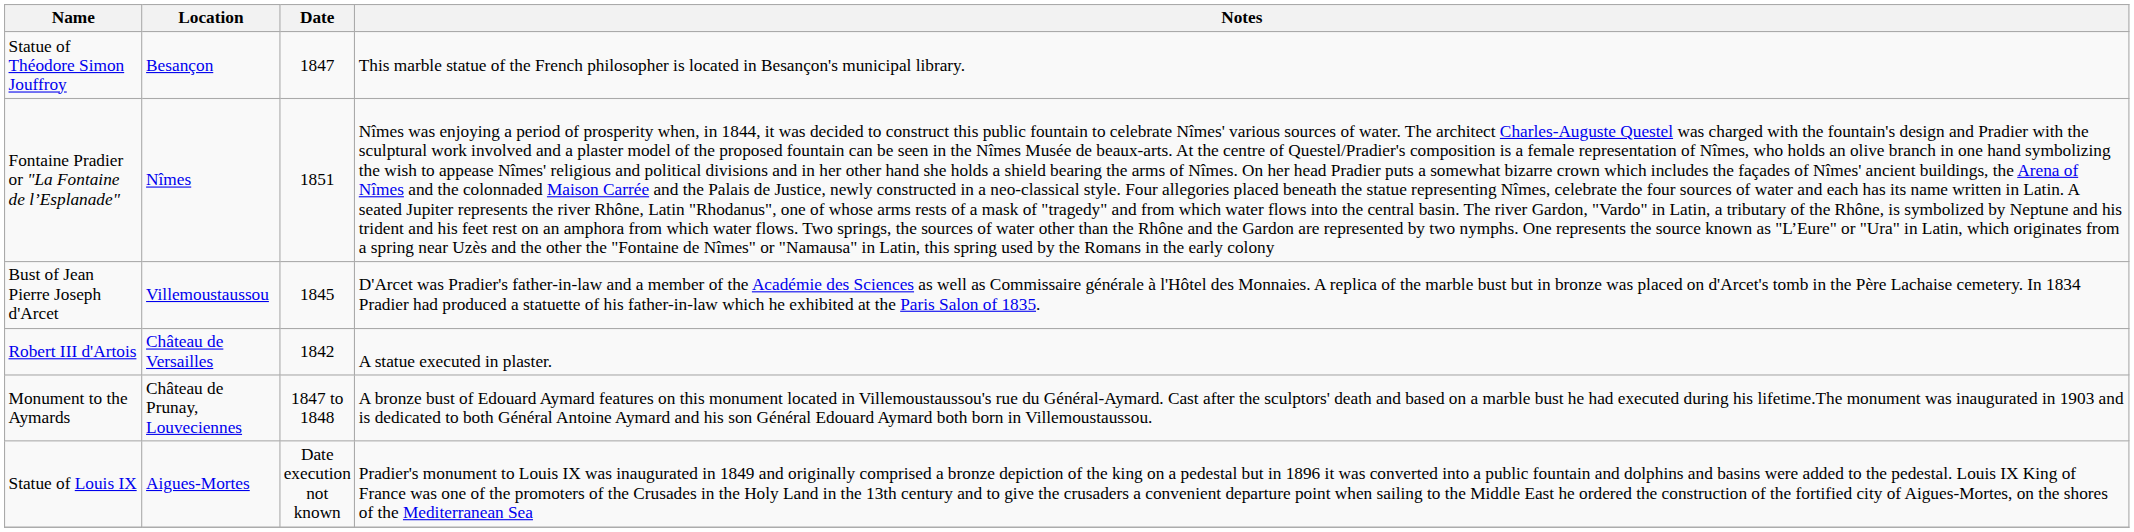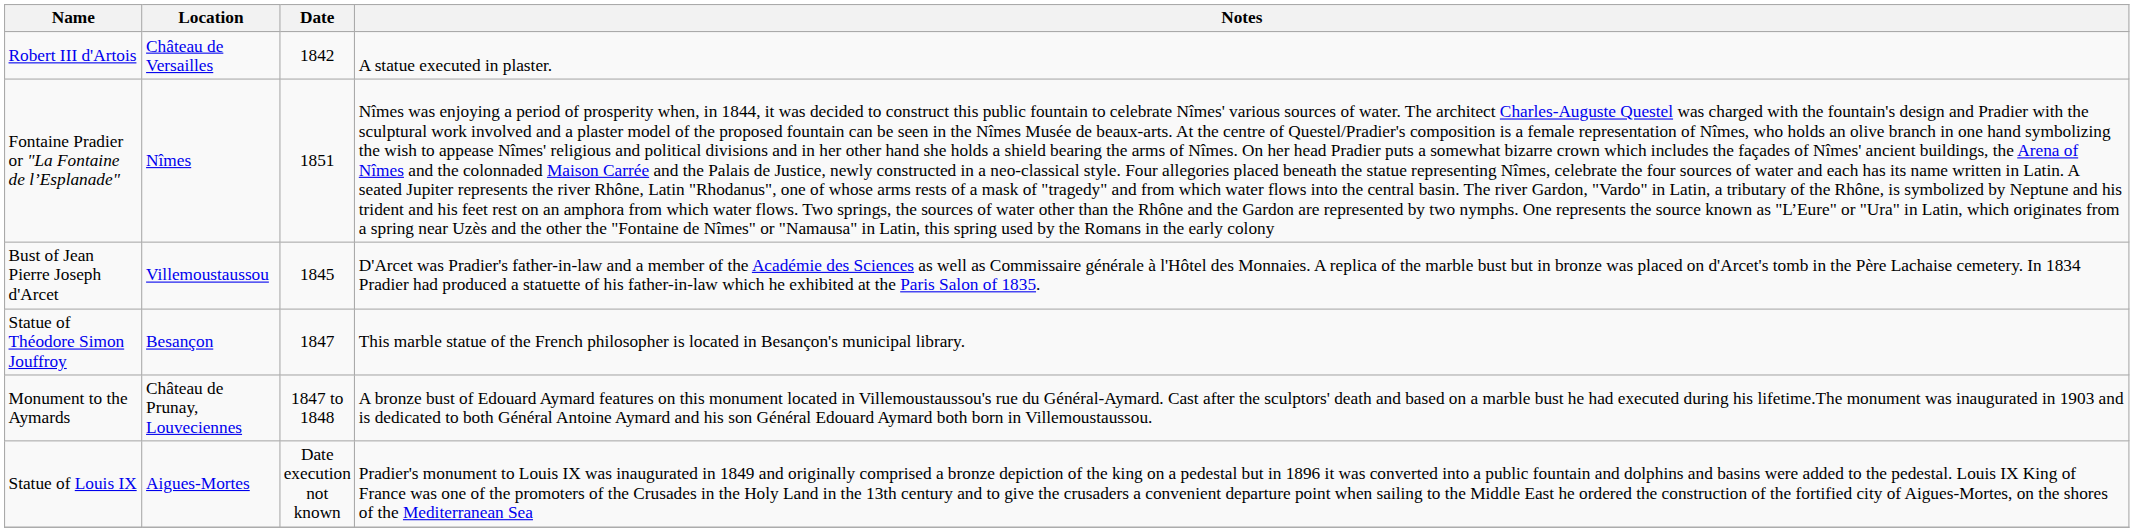 <table class="wikitable sortable plainrowheaders">
 <tr>
 <th style="width:120px">Name</th>
 <th style="width:120px">Location</th>
 <th style="width:50px">Date</th>
 <th class="unsortable">Notes</th>
 </tr>
 <tr>
-<td>Statue of <a href='#'>Théodore Simon Jouffroy</a></td>
-<td><a href='#'>Besançon</a></td>
-<td align="center">1847</td>
-<td>This marble statue of the French philosopher is located in Besançon's municipal library.</td>
+<td><a href='#'>Robert III d'Artois</a></td>
+<td><a href='#'>Château de Versailles</a></td>
+<td align="center">1842</td>
+<td><br>A statue executed in plaster.</td>
 </tr>
 <tr>
 <td>Fontaine Pradier or <em>"La Fontaine de l’Esplanade"</em></td>
 <td><a href='#'>Nîmes</a></td>
 <td align="center">1851</td>
 <td><br>Nîmes was enjoying a period of prosperity when, in 1844, it was decided to construct this public fountain to celebrate Nîmes' various sources of water. The architect <a href='#'>Charles-Auguste Questel</a> was charged with the fountain's design and Pradier with the sculptural work involved and a plaster model of the proposed fountain can be seen in the Nîmes Musée de beaux-arts.  At the centre of Questel/Pradier's composition is a female representation of Nîmes, who holds an olive branch in one hand symbolizing the wish to appease Nîmes' religious and political divisions and in her other hand she holds a shield bearing the arms of Nîmes. On her head Pradier puts a somewhat bizarre crown which includes the façades of Nîmes' ancient buildings, the <a href='#'>Arena of Nîmes</a> and the colonnaded <a href='#'>Maison Carrée</a> and the Palais de Justice, newly constructed in a neo-classical style. Four allegories placed beneath the statue representing Nîmes, celebrate the four sources of water and each has its name written in Latin. A seated Jupiter represents the river Rhône, Latin "Rhodanus", one of whose arms rests of a mask of "tragedy" and from which water flows into the central basin.  The river Gardon, "Vardo" in Latin, a tributary of the Rhône, is symbolized by Neptune and his trident and his feet rest on an amphora from which water flows.  Two springs, the sources of water other than the Rhône and the Gardon are represented by two nymphs. One represents the source known as "L’Eure" or "Ura" in Latin, which originates from a spring near Uzès and the other the "Fontaine de Nîmes" or "Namausa" in Latin, this spring used by the Romans in the early colony</td>
 </tr>
 <tr>
 <td>Bust of Jean Pierre Joseph d'Arcet</td>
 <td><a href='#'>Villemoustaussou</a></td>
 <td align="center">1845</td>
 <td>D'Arcet was Pradier's father-in-law and a member of the <a href='#'>Académie des Sciences</a> as well as Commissaire générale à l'Hôtel des Monnaies. A replica of the marble bust but in bronze was placed on d'Arcet's tomb in the Père Lachaise cemetery. In 1834 Pradier had produced a statuette of his father-in-law which he exhibited at the <a href='#'>Paris Salon of 1835</a>.<br></td>
 </tr>
 <tr>
-<td><a href='#'>Robert III d'Artois</a></td>
-<td><a href='#'>Château de Versailles</a></td>
-<td align="center">1842</td>
-<td><br>A statue executed in plaster.</td>
+<td>Statue of <a href='#'>Théodore Simon Jouffroy</a></td>
+<td><a href='#'>Besançon</a></td>
+<td align="center">1847</td>
+<td>This marble statue of the French philosopher is located in Besançon's municipal library.</td>
 </tr>
 <tr>
 <td>Monument to the Aymards</td>
 <td>Château de Prunay, <a href='#'>Louveciennes</a></td>
 <td align="center">1847 to 1848</td>
 <td>A bronze bust of Edouard Aymard features on this monument located in Villemoustaussou's rue du Général-Aymard.  Cast after the sculptors' death and based on a marble bust he had executed during his lifetime.The monument was inaugurated in 1903 and is dedicated to both Général Antoine Aymard and his son Général Edouard Aymard both born in Villemoustaussou.<br> </td>
 </tr>
 <tr>
 <td>Statue of <a href='#'>Louis IX</a></td>
 <td><a href='#'>Aigues-Mortes</a></td>
 <td align="center">Date execution not known</td>
 <td><br>Pradier's monument to Louis IX was inaugurated in 1849 and originally comprised a bronze depiction of the king on a pedestal but in 1896 it was converted into a public fountain and dolphins and basins were added to the pedestal.  Louis IX King of France was one of the promoters of the Crusades in the Holy Land in the 13th century and to give the crusaders a convenient departure point when sailing to the Middle East he ordered the construction of the fortified city of Aigues-Mortes, on the shores of the <a href='#'>Mediterranean Sea</a>  </td>
 </tr>
 <tr>
 </tr>
 </table>
